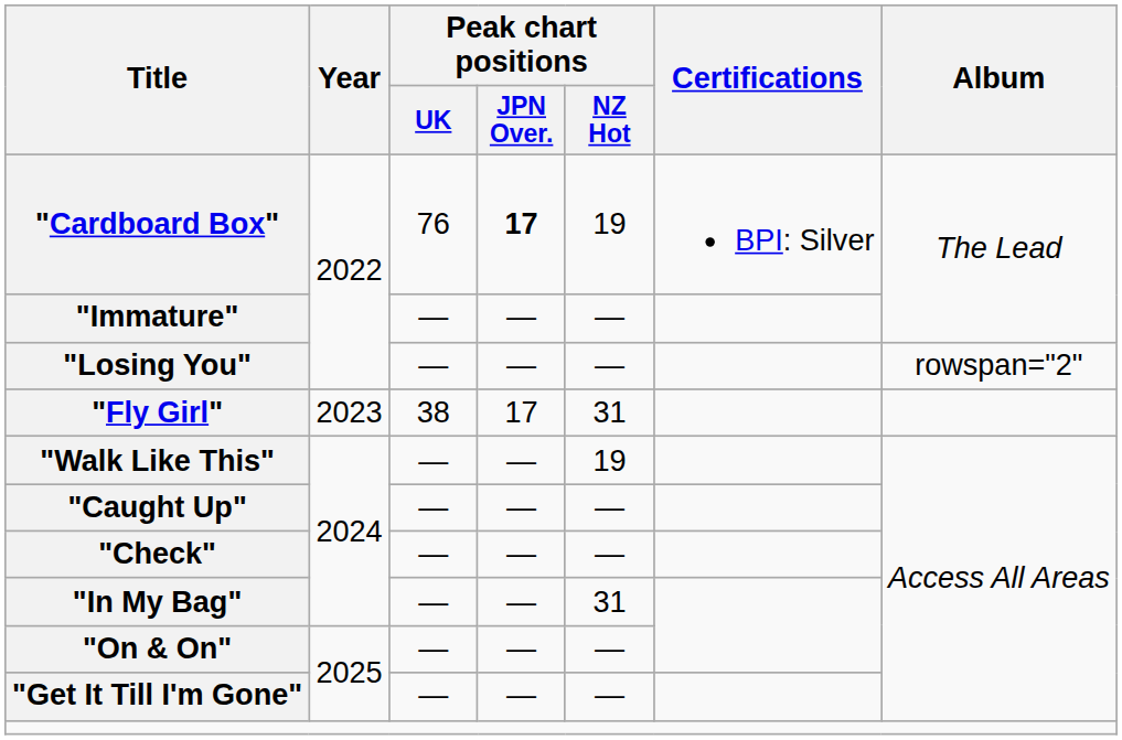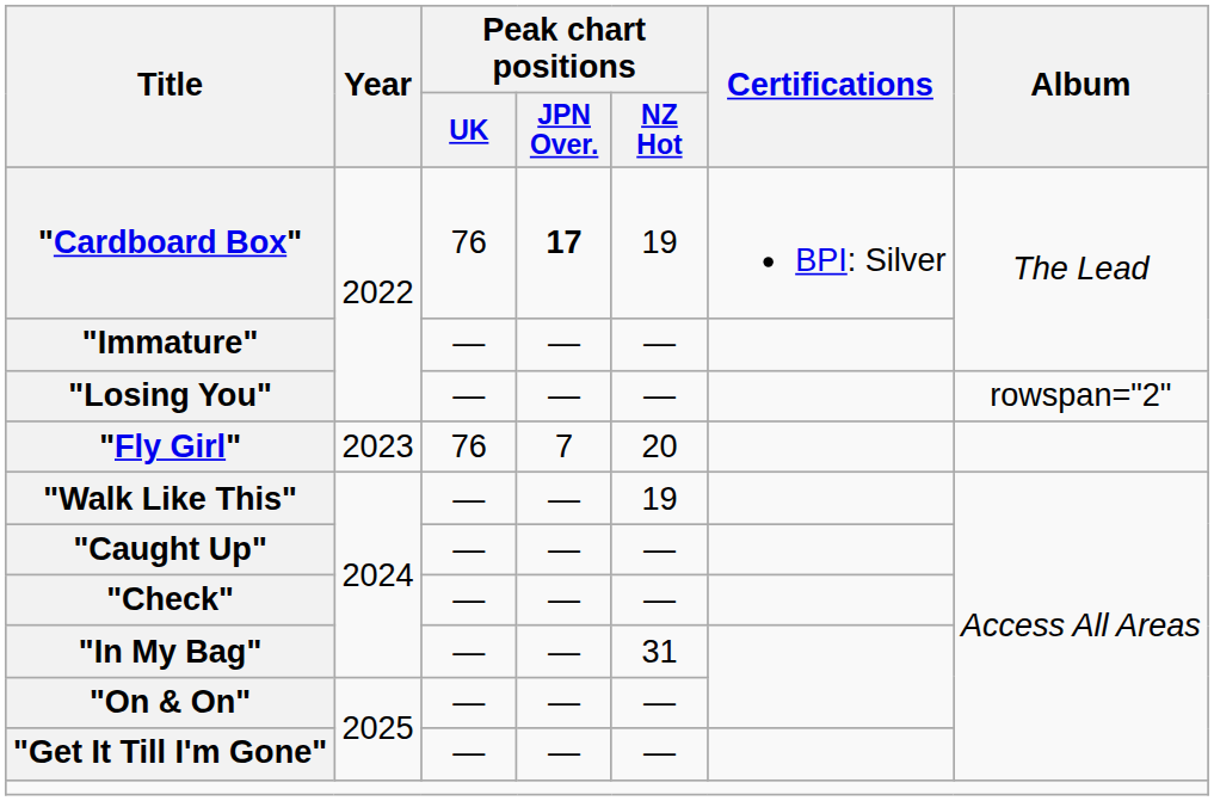 <table class="wikitable plainrowheaders" style="text-align:center;">
 <tr>
 <th scope="col" rowspan="2">Title</th>
 <th scope="col" rowspan="2">Year</th>
 <th scope="col" colspan="3">Peak chart positions</th>
 <th scope="col" rowspan="2"><a href='#'>Certifications</a></th>
 <th scope="col" rowspan="2">Album</th>
 </tr>
 <tr>
 <th scope="col" style="width:3em;font-size:85%;"><a href='#'>UK</a><br></th>
 <th scope="col" style="width:3em;font-size:85%;"><a href='#'>JPN<br>Over.</a><br></th>
 <th scope="col" style="width:3em;font-size:85%;"><a href='#'>NZ<br>Hot</a><br></th>
 </tr>
 <tr>
 <th scope="row">"<a href='#'>Cardboard Box</a>"</th>
 <td rowspan="3">2022</td>
 <td>76</td>
 <td><strong>17</strong></td>
 <td>19</td>
 <td><br><ul><li><a href='#'>BPI</a>: Silver</li></ul></td>
 <td rowspan="2"><em>The Lead</em></td>
 </tr>
 <tr>
 <th scope="row">"Immature"</th>
 <td>—</td>
 <td>—</td>
 <td>—</td>
 <td></td>
 </tr>
 <tr>
 <th scope="row">"Losing You"</th>
 <td>—</td>
 <td>—</td>
 <td>—</td>
 <td></td>
 <td>rowspan="2" </td>
 </tr>
 <tr>
 <th scope="row">"<a href='#'>Fly Girl</a>"<br></th>
 <td>2023</td>
-<td>38</td>
-<td>17</td>
-<td>31</td>
+<td>76</td>
+<td>7</td>
+<td>20</td>
 <td></td>
 </tr>
 <tr>
 <th scope="row">"Walk Like This"</th>
 <td rowspan="4">2024</td>
 <td>—</td>
 <td>—</td>
 <td>19</td>
 <td></td>
 <td rowspan="6"><em>Access All Areas</em></td>
 </tr>
 <tr>
 <th scope="row">"Caught Up"</th>
 <td>—</td>
 <td>—</td>
 <td>—</td>
 </tr>
 <tr>
 <th scope="row">"Check"</th>
 <td>—</td>
 <td>—</td>
 <td>—</td>
 <td></td>
 </tr>
 <tr>
 <th scope="row">"In My Bag"<br></th>
 <td>—</td>
 <td>—</td>
 <td>31</td>
 </tr>
 <tr>
 <th scope="row">"On & On"</th>
 <td rowspan="2">2025</td>
 <td>—</td>
 <td>—</td>
 <td>—</td>
 </tr>
 <tr>
 <th scope="row">"Get It Till I'm Gone"</th>
 <td>—</td>
 <td>—</td>
 <td>—</td>
 <td></td>
 </tr>
 <tr>
 <td colspan="7"></td>
 </tr>
 </table>
